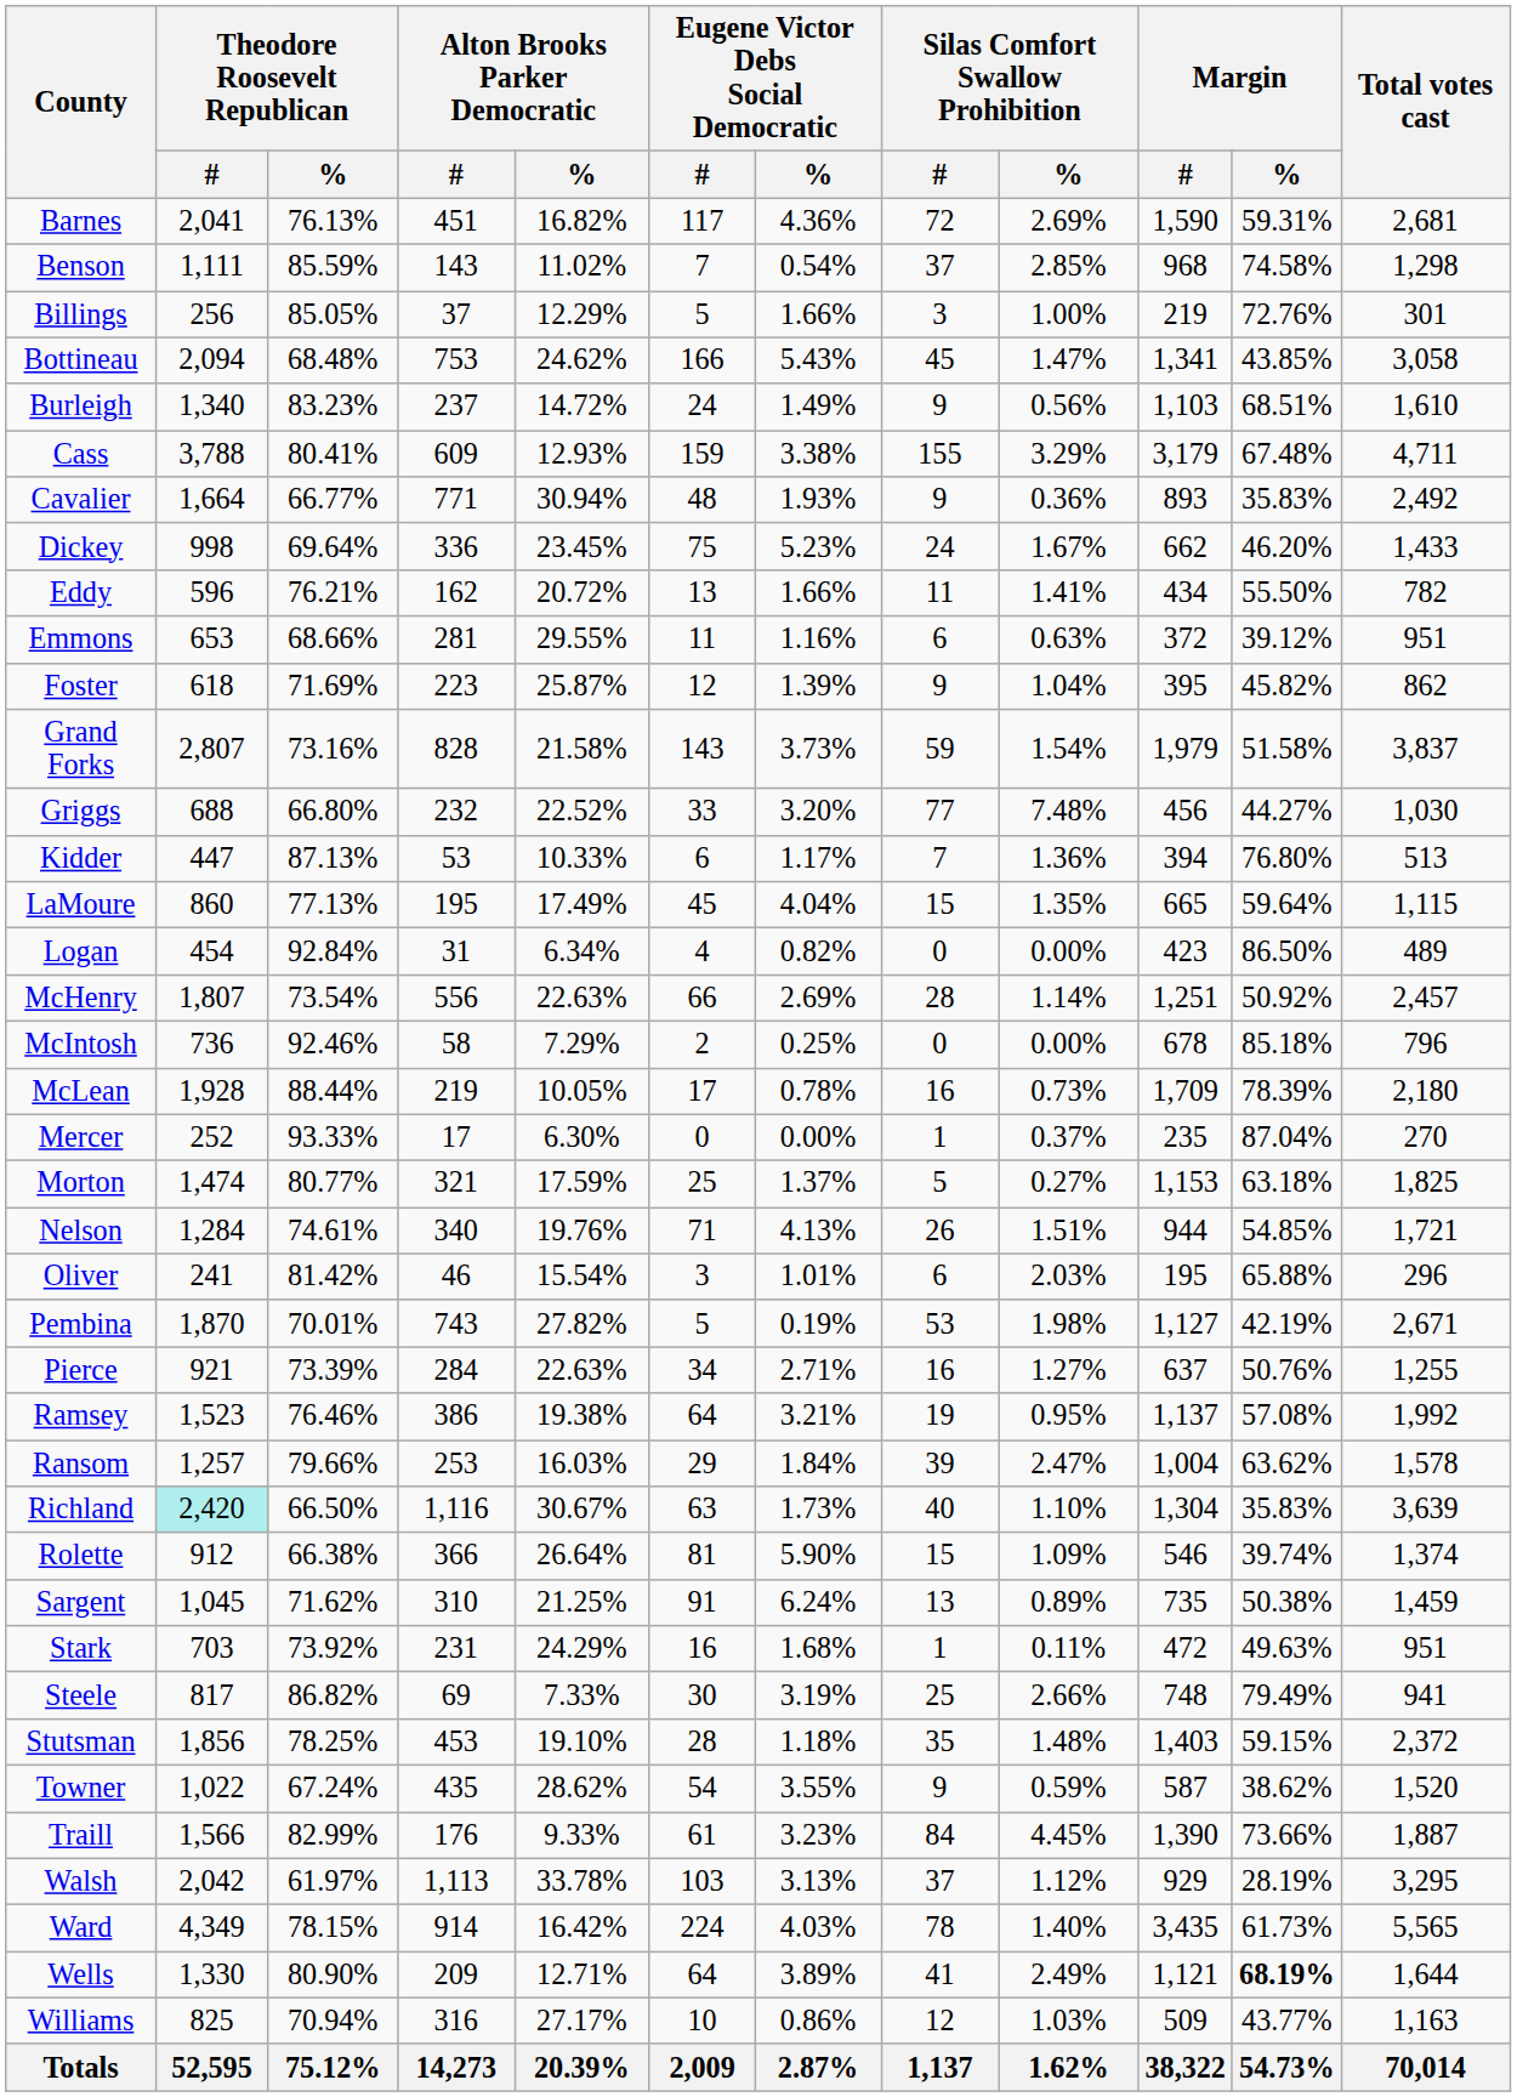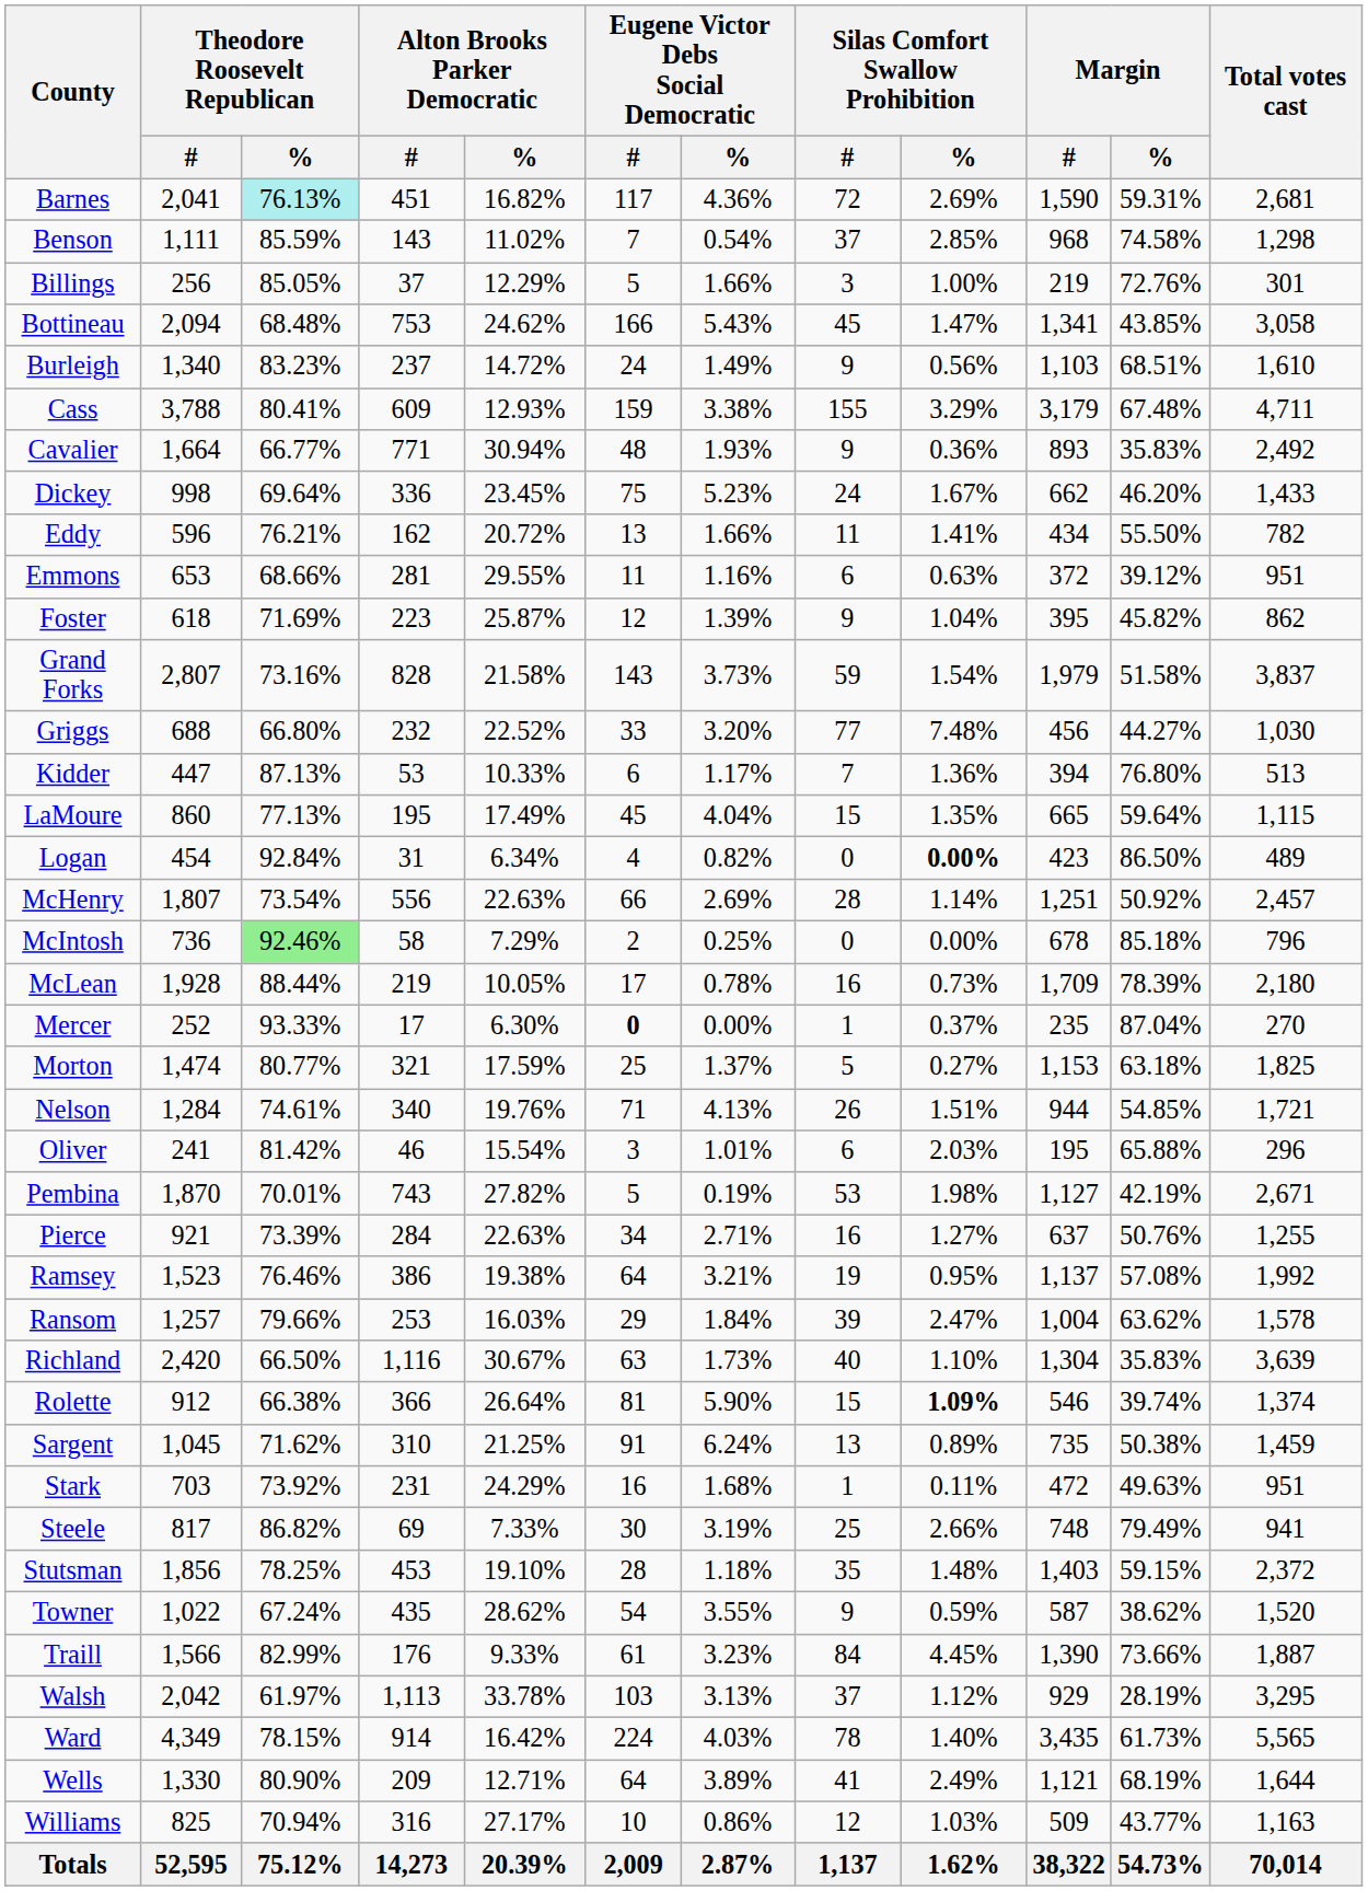 <table class="wikitable sortable" width="65%">
 <tr>
 <th rowspan="2">County</th>
 <th colspan="2">Theodore Roosevelt<br>Republican</th>
 <th colspan="2">Alton Brooks Parker<br>Democratic</th>
 <th colspan="2">Eugene Victor Debs<br>Social Democratic</th>
 <th colspan="2">Silas Comfort Swallow<br>Prohibition</th>
 <th colspan="2">Margin</th>
 <th rowspan="2">Total votes cast</th>
 </tr>
 <tr style="text-align:center;">
 <th data-sort-type="number">#</th>
 <th data-sort-type="number">%</th>
 <th data-sort-type="number">#</th>
 <th data-sort-type="number">%</th>
 <th data-sort-type="number">#</th>
 <th data-sort-type="number">%</th>
 <th data-sort-type="number">#</th>
 <th data-sort-type="number">%</th>
 <th data-sort-type="number">#</th>
 <th data-sort-type="number">%</th>
 </tr>
 <tr style="text-align:center;">
 <td><a href='#'>Barnes</a></td>
 <td>2,041</td>
-<td>76.13%</td>
+<td style="background: paleturquoise;">76.13%</td>
 <td>451</td>
 <td>16.82%</td>
 <td>117</td>
 <td>4.36%</td>
 <td>72</td>
 <td>2.69%</td>
 <td>1,590</td>
 <td>59.31%</td>
 <td>2,681</td>
 </tr>
 <tr style="text-align:center;">
 <td><a href='#'>Benson</a></td>
 <td>1,111</td>
 <td>85.59%</td>
 <td>143</td>
 <td>11.02%</td>
 <td>7</td>
 <td>0.54%</td>
 <td>37</td>
 <td>2.85%</td>
 <td>968</td>
 <td>74.58%</td>
 <td>1,298</td>
 </tr>
 <tr style="text-align:center;">
 <td><a href='#'>Billings</a></td>
 <td>256</td>
 <td>85.05%</td>
 <td>37</td>
 <td>12.29%</td>
 <td>5</td>
 <td>1.66%</td>
 <td>3</td>
 <td>1.00%</td>
 <td>219</td>
 <td>72.76%</td>
 <td>301</td>
 </tr>
 <tr style="text-align:center;">
 <td><a href='#'>Bottineau</a></td>
 <td>2,094</td>
 <td>68.48%</td>
 <td>753</td>
 <td>24.62%</td>
 <td>166</td>
 <td>5.43%</td>
 <td>45</td>
 <td>1.47%</td>
 <td>1,341</td>
 <td>43.85%</td>
 <td>3,058</td>
 </tr>
 <tr style="text-align:center;">
 <td><a href='#'>Burleigh</a></td>
 <td>1,340</td>
 <td>83.23%</td>
 <td>237</td>
 <td>14.72%</td>
 <td>24</td>
 <td>1.49%</td>
 <td>9</td>
 <td>0.56%</td>
 <td>1,103</td>
 <td>68.51%</td>
 <td>1,610</td>
 </tr>
 <tr style="text-align:center;">
 <td><a href='#'>Cass</a></td>
 <td>3,788</td>
 <td>80.41%</td>
 <td>609</td>
 <td>12.93%</td>
 <td>159</td>
 <td>3.38%</td>
 <td>155</td>
 <td>3.29%</td>
 <td>3,179</td>
 <td>67.48%</td>
 <td>4,711</td>
 </tr>
 <tr style="text-align:center;">
 <td><a href='#'>Cavalier</a></td>
 <td>1,664</td>
 <td>66.77%</td>
 <td>771</td>
 <td>30.94%</td>
 <td>48</td>
 <td>1.93%</td>
 <td>9</td>
 <td>0.36%</td>
 <td>893</td>
 <td>35.83%</td>
 <td>2,492</td>
 </tr>
 <tr style="text-align:center;">
 <td><a href='#'>Dickey</a></td>
 <td>998</td>
 <td>69.64%</td>
 <td>336</td>
 <td>23.45%</td>
 <td>75</td>
 <td>5.23%</td>
 <td>24</td>
 <td>1.67%</td>
 <td>662</td>
 <td>46.20%</td>
 <td>1,433</td>
 </tr>
 <tr style="text-align:center;">
 <td><a href='#'>Eddy</a></td>
 <td>596</td>
 <td>76.21%</td>
 <td>162</td>
 <td>20.72%</td>
 <td>13</td>
 <td>1.66%</td>
 <td>11</td>
 <td>1.41%</td>
 <td>434</td>
 <td>55.50%</td>
 <td>782</td>
 </tr>
 <tr style="text-align:center;">
 <td><a href='#'>Emmons</a></td>
 <td>653</td>
 <td>68.66%</td>
 <td>281</td>
 <td>29.55%</td>
 <td>11</td>
 <td>1.16%</td>
 <td>6</td>
 <td>0.63%</td>
 <td>372</td>
 <td>39.12%</td>
 <td>951</td>
 </tr>
 <tr style="text-align:center;">
 <td><a href='#'>Foster</a></td>
 <td>618</td>
 <td>71.69%</td>
 <td>223</td>
 <td>25.87%</td>
 <td>12</td>
 <td>1.39%</td>
 <td>9</td>
 <td>1.04%</td>
 <td>395</td>
 <td>45.82%</td>
 <td>862</td>
 </tr>
 <tr style="text-align:center;">
 <td><a href='#'>Grand Forks</a></td>
 <td>2,807</td>
 <td>73.16%</td>
 <td>828</td>
 <td>21.58%</td>
 <td>143</td>
 <td>3.73%</td>
 <td>59</td>
 <td>1.54%</td>
 <td>1,979</td>
 <td>51.58%</td>
 <td>3,837</td>
 </tr>
 <tr style="text-align:center;">
 <td><a href='#'>Griggs</a></td>
 <td>688</td>
 <td>66.80%</td>
 <td>232</td>
 <td>22.52%</td>
 <td>33</td>
 <td>3.20%</td>
 <td>77</td>
 <td>7.48%</td>
 <td>456</td>
 <td>44.27%</td>
 <td>1,030</td>
 </tr>
 <tr style="text-align:center;">
 <td><a href='#'>Kidder</a></td>
 <td>447</td>
 <td>87.13%</td>
 <td>53</td>
 <td>10.33%</td>
 <td>6</td>
 <td>1.17%</td>
 <td>7</td>
 <td>1.36%</td>
 <td>394</td>
 <td>76.80%</td>
 <td>513</td>
 </tr>
 <tr style="text-align:center;">
 <td><a href='#'>LaMoure</a></td>
 <td>860</td>
 <td>77.13%</td>
 <td>195</td>
 <td>17.49%</td>
 <td>45</td>
 <td>4.04%</td>
 <td>15</td>
 <td>1.35%</td>
 <td>665</td>
 <td>59.64%</td>
 <td>1,115</td>
 </tr>
 <tr style="text-align:center;">
 <td><a href='#'>Logan</a></td>
 <td>454</td>
 <td>92.84%</td>
 <td>31</td>
 <td>6.34%</td>
 <td>4</td>
 <td>0.82%</td>
 <td>0</td>
-<td>0.00%</td>
+<td><strong>0.00%</strong></td>
 <td>423</td>
 <td>86.50%</td>
 <td>489</td>
 </tr>
 <tr style="text-align:center;">
 <td><a href='#'>McHenry</a></td>
 <td>1,807</td>
 <td>73.54%</td>
 <td>556</td>
 <td>22.63%</td>
 <td>66</td>
 <td>2.69%</td>
 <td>28</td>
 <td>1.14%</td>
 <td>1,251</td>
 <td>50.92%</td>
 <td>2,457</td>
 </tr>
 <tr style="text-align:center;">
 <td><a href='#'>McIntosh</a></td>
 <td>736</td>
-<td>92.46%</td>
+<td style="background: lightgreen;">92.46%</td>
 <td>58</td>
 <td>7.29%</td>
 <td>2</td>
 <td>0.25%</td>
 <td>0</td>
 <td>0.00%</td>
 <td>678</td>
 <td>85.18%</td>
 <td>796</td>
 </tr>
 <tr style="text-align:center;">
 <td><a href='#'>McLean</a></td>
 <td>1,928</td>
 <td>88.44%</td>
 <td>219</td>
 <td>10.05%</td>
 <td>17</td>
 <td>0.78%</td>
 <td>16</td>
 <td>0.73%</td>
 <td>1,709</td>
 <td>78.39%</td>
 <td>2,180</td>
 </tr>
 <tr style="text-align:center;">
 <td><a href='#'>Mercer</a></td>
 <td>252</td>
 <td>93.33%</td>
 <td>17</td>
 <td>6.30%</td>
-<td>0</td>
+<td><strong>0</strong></td>
 <td>0.00%</td>
 <td>1</td>
 <td>0.37%</td>
 <td>235</td>
 <td>87.04%</td>
 <td>270</td>
 </tr>
 <tr style="text-align:center;">
 <td><a href='#'>Morton</a></td>
 <td>1,474</td>
 <td>80.77%</td>
 <td>321</td>
 <td>17.59%</td>
 <td>25</td>
 <td>1.37%</td>
 <td>5</td>
 <td>0.27%</td>
 <td>1,153</td>
 <td>63.18%</td>
 <td>1,825</td>
 </tr>
 <tr style="text-align:center;">
 <td><a href='#'>Nelson</a></td>
 <td>1,284</td>
 <td>74.61%</td>
 <td>340</td>
 <td>19.76%</td>
 <td>71</td>
 <td>4.13%</td>
 <td>26</td>
 <td>1.51%</td>
 <td>944</td>
 <td>54.85%</td>
 <td>1,721</td>
 </tr>
 <tr style="text-align:center;">
 <td><a href='#'>Oliver</a></td>
 <td>241</td>
 <td>81.42%</td>
 <td>46</td>
 <td>15.54%</td>
 <td>3</td>
 <td>1.01%</td>
 <td>6</td>
 <td>2.03%</td>
 <td>195</td>
 <td>65.88%</td>
 <td>296</td>
 </tr>
 <tr style="text-align:center;">
 <td><a href='#'>Pembina</a></td>
 <td>1,870</td>
 <td>70.01%</td>
 <td>743</td>
 <td>27.82%</td>
 <td>5</td>
 <td>0.19%</td>
 <td>53</td>
 <td>1.98%</td>
 <td>1,127</td>
 <td>42.19%</td>
 <td>2,671</td>
 </tr>
 <tr style="text-align:center;">
 <td><a href='#'>Pierce</a></td>
 <td>921</td>
 <td>73.39%</td>
 <td>284</td>
 <td>22.63%</td>
 <td>34</td>
 <td>2.71%</td>
 <td>16</td>
 <td>1.27%</td>
 <td>637</td>
 <td>50.76%</td>
 <td>1,255</td>
 </tr>
 <tr style="text-align:center;">
 <td><a href='#'>Ramsey</a></td>
 <td>1,523</td>
 <td>76.46%</td>
 <td>386</td>
 <td>19.38%</td>
 <td>64</td>
 <td>3.21%</td>
 <td>19</td>
 <td>0.95%</td>
 <td>1,137</td>
 <td>57.08%</td>
 <td>1,992</td>
 </tr>
 <tr style="text-align:center;">
 <td><a href='#'>Ransom</a></td>
 <td>1,257</td>
 <td>79.66%</td>
 <td>253</td>
 <td>16.03%</td>
 <td>29</td>
 <td>1.84%</td>
 <td>39</td>
 <td>2.47%</td>
 <td>1,004</td>
 <td>63.62%</td>
 <td>1,578</td>
 </tr>
 <tr style="text-align:center;">
 <td><a href='#'>Richland</a></td>
-<td style="background: paleturquoise;">2,420</td>
+<td>2,420</td>
 <td>66.50%</td>
 <td>1,116</td>
 <td>30.67%</td>
 <td>63</td>
 <td>1.73%</td>
 <td>40</td>
 <td>1.10%</td>
 <td>1,304</td>
 <td>35.83%</td>
 <td>3,639</td>
 </tr>
 <tr style="text-align:center;">
 <td><a href='#'>Rolette</a></td>
 <td>912</td>
 <td>66.38%</td>
 <td>366</td>
 <td>26.64%</td>
 <td>81</td>
 <td>5.90%</td>
 <td>15</td>
-<td>1.09%</td>
+<td><strong>1.09%</strong></td>
 <td>546</td>
 <td>39.74%</td>
 <td>1,374</td>
 </tr>
 <tr style="text-align:center;">
 <td><a href='#'>Sargent</a></td>
 <td>1,045</td>
 <td>71.62%</td>
 <td>310</td>
 <td>21.25%</td>
 <td>91</td>
 <td>6.24%</td>
 <td>13</td>
 <td>0.89%</td>
 <td>735</td>
 <td>50.38%</td>
 <td>1,459</td>
 </tr>
 <tr style="text-align:center;">
 <td><a href='#'>Stark</a></td>
 <td>703</td>
 <td>73.92%</td>
 <td>231</td>
 <td>24.29%</td>
 <td>16</td>
 <td>1.68%</td>
 <td>1</td>
 <td>0.11%</td>
 <td>472</td>
 <td>49.63%</td>
 <td>951</td>
 </tr>
 <tr style="text-align:center;">
 <td><a href='#'>Steele</a></td>
 <td>817</td>
 <td>86.82%</td>
 <td>69</td>
 <td>7.33%</td>
 <td>30</td>
 <td>3.19%</td>
 <td>25</td>
 <td>2.66%</td>
 <td>748</td>
 <td>79.49%</td>
 <td>941</td>
 </tr>
 <tr style="text-align:center;">
 <td><a href='#'>Stutsman</a></td>
 <td>1,856</td>
 <td>78.25%</td>
 <td>453</td>
 <td>19.10%</td>
 <td>28</td>
 <td>1.18%</td>
 <td>35</td>
 <td>1.48%</td>
 <td>1,403</td>
 <td>59.15%</td>
 <td>2,372</td>
 </tr>
 <tr style="text-align:center;">
 <td><a href='#'>Towner</a></td>
 <td>1,022</td>
 <td>67.24%</td>
 <td>435</td>
 <td>28.62%</td>
 <td>54</td>
 <td>3.55%</td>
 <td>9</td>
 <td>0.59%</td>
 <td>587</td>
 <td>38.62%</td>
 <td>1,520</td>
 </tr>
 <tr style="text-align:center;">
 <td><a href='#'>Traill</a></td>
 <td>1,566</td>
 <td>82.99%</td>
 <td>176</td>
 <td>9.33%</td>
 <td>61</td>
 <td>3.23%</td>
 <td>84</td>
 <td>4.45%</td>
 <td>1,390</td>
 <td>73.66%</td>
 <td>1,887</td>
 </tr>
 <tr style="text-align:center;">
 <td><a href='#'>Walsh</a></td>
 <td>2,042</td>
 <td>61.97%</td>
 <td>1,113</td>
 <td>33.78%</td>
 <td>103</td>
 <td>3.13%</td>
 <td>37</td>
 <td>1.12%</td>
 <td>929</td>
 <td>28.19%</td>
 <td>3,295</td>
 </tr>
 <tr style="text-align:center;">
 <td><a href='#'>Ward</a></td>
 <td>4,349</td>
 <td>78.15%</td>
 <td>914</td>
 <td>16.42%</td>
 <td>224</td>
 <td>4.03%</td>
 <td>78</td>
 <td>1.40%</td>
 <td>3,435</td>
 <td>61.73%</td>
 <td>5,565</td>
 </tr>
 <tr style="text-align:center;">
 <td><a href='#'>Wells</a></td>
 <td>1,330</td>
 <td>80.90%</td>
 <td>209</td>
 <td>12.71%</td>
 <td>64</td>
 <td>3.89%</td>
 <td>41</td>
 <td>2.49%</td>
 <td>1,121</td>
-<td><strong>68.19%</strong></td>
+<td>68.19%</td>
 <td>1,644</td>
 </tr>
 <tr style="text-align:center;">
 <td><a href='#'>Williams</a></td>
 <td>825</td>
 <td>70.94%</td>
 <td>316</td>
 <td>27.17%</td>
 <td>10</td>
 <td>0.86%</td>
 <td>12</td>
 <td>1.03%</td>
 <td>509</td>
 <td>43.77%</td>
 <td>1,163</td>
 </tr>
 <tr>
 <th>Totals</th>
 <th>52,595</th>
 <th>75.12%</th>
 <th>14,273</th>
 <th>20.39%</th>
 <th>2,009</th>
 <th>2.87%</th>
 <th>1,137</th>
 <th>1.62%</th>
 <th>38,322</th>
 <th>54.73%</th>
 <th>70,014</th>
 </tr>
 </table>
